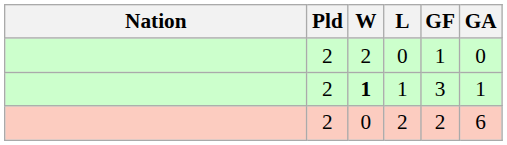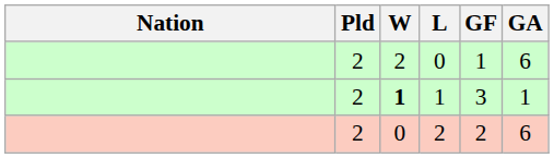 <table class=wikitable style="text-align:center">
 <tr>
 <th width=220>Nation</th>
 <th width=20>Pld</th>
 <th width=20>W</th>
 <th width=20>L</th>
 <th width=20>GF</th>
 <th width=20>GA</th>
 </tr>
 <tr bgcolor="#ccffcc">
 <td align=left></td>
 <td>2</td>
 <td>2</td>
 <td>0</td>
 <td>1</td>
-<td>0</td>
+<td>6</td>
 </tr>
 <tr bgcolor="#ccffcc">
 <td align=left></td>
 <td>2</td>
 <td><strong>1</strong></td>
 <td>1</td>
 <td>3</td>
 <td>1</td>
 </tr>
 <tr bgcolor="#fcccc">
 <td align=left></td>
 <td>2</td>
 <td>0</td>
 <td>2</td>
 <td>2</td>
 <td>6</td>
 </tr>
 </table>
